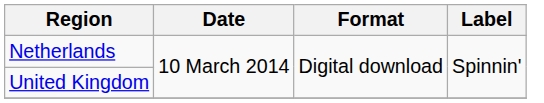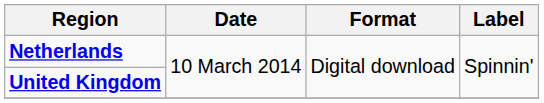 <table class=wikitable>
 <tr>
 <th>Region</th>
 <th>Date</th>
 <th>Format</th>
 <th>Label</th>
 </tr>
 <tr>
-<td><a href='#'>Netherlands</a></td>
+<td><strong><a href='#'>Netherlands</a></strong></td>
 <td rowspan="2">10 March 2014</td>
 <td rowspan="2">Digital download</td>
 <td rowspan="2">Spinnin'</td>
 </tr>
 <tr>
-<td><a href='#'>United Kingdom</a></td>
+<td><strong><a href='#'>United Kingdom</a></strong></td>
 </tr>
 <tr>
 </tr>
 </table>
